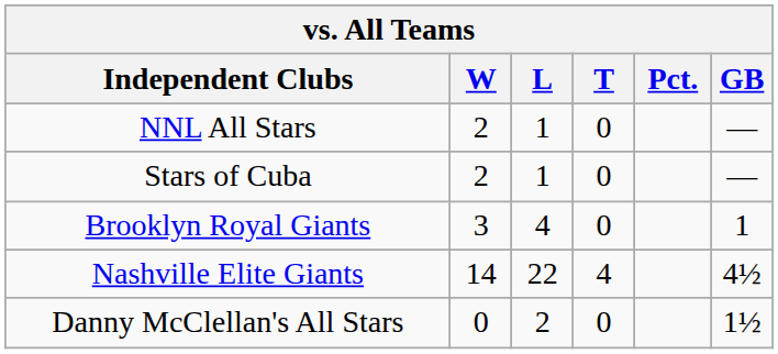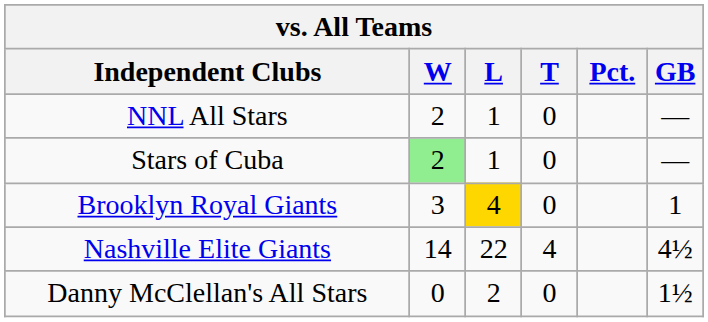 <table class="wikitable" width="400em" style="text-align:center;">
 <tr>
 <th colspan="6">vs. All Teams</th>
 </tr>
 <tr>
 <th width="58%">Independent Clubs</th>
 <th width="8%"><a href='#'>W</a></th>
 <th width="8%"><a href='#'>L</a></th>
 <th width="8%"><a href='#'>T</a></th>
 <th width="10%"><a href='#'>Pct.</a></th>
 <th width="8%"><a href='#'>GB</a></th>
 </tr>
 <tr>
 <td><a href='#'>NNL</a> All Stars</td>
 <td>2</td>
 <td>1</td>
 <td>0</td>
 <td></td>
 <td>—</td>
 </tr>
 <tr>
 <td>Stars of Cuba</td>
-<td>2</td>
+<td style="background: lightgreen;">2</td>
 <td>1</td>
 <td>0</td>
 <td></td>
 <td>—</td>
 </tr>
 <tr>
 <td><a href='#'>Brooklyn Royal Giants</a></td>
 <td>3</td>
-<td>4</td>
+<td style="background: gold;">4</td>
 <td>0</td>
 <td></td>
 <td>1</td>
 </tr>
 <tr>
 <td><a href='#'>Nashville Elite Giants</a></td>
 <td>14</td>
 <td>22</td>
 <td>4</td>
 <td></td>
 <td>4½</td>
 </tr>
 <tr>
 <td>Danny McClellan's All Stars</td>
 <td>0</td>
 <td>2</td>
 <td>0</td>
 <td></td>
 <td>1½</td>
 </tr>
 </table>
